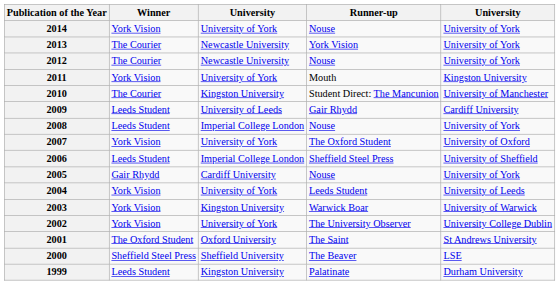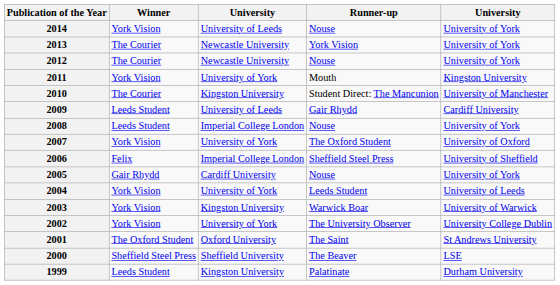 <table class="wikitable" style="font-align: center">
 <tr>
 <th>Publication of the Year</th>
 <th>Winner</th>
 <th>University</th>
 <th>Runner-up</th>
 <th>University</th>
 </tr>
 <tr>
 <th>2014</th>
 <td><a href='#'>York Vision</a></td>
-<td><a href='#'>University of York</a></td>
+<td><a href='#'>University of Leeds</a></td>
 <td><a href='#'>Nouse</a></td>
 <td><a href='#'>University of York</a></td>
 </tr>
 <tr>
 <th>2013</th>
 <td><a href='#'>The Courier</a></td>
 <td><a href='#'>Newcastle University</a></td>
 <td><a href='#'>York Vision</a></td>
 <td><a href='#'>University of York</a></td>
 </tr>
 <tr>
 <th>2012</th>
 <td><a href='#'>The Courier</a></td>
 <td><a href='#'>Newcastle University</a></td>
 <td><a href='#'>Nouse</a></td>
 <td><a href='#'>University of York</a></td>
 </tr>
 <tr>
 <th>2011</th>
 <td><a href='#'>York Vision</a></td>
 <td><a href='#'>University of York</a></td>
 <td>Mouth</td>
 <td><a href='#'>Kingston University</a></td>
 </tr>
 <tr>
 <th>2010</th>
 <td><a href='#'>The Courier</a></td>
 <td><a href='#'>Kingston University</a></td>
 <td>Student Direct: <a href='#'>The Mancunion</a></td>
 <td><a href='#'>University of Manchester</a></td>
 </tr>
 <tr>
 <th>2009</th>
 <td><a href='#'>Leeds Student</a></td>
 <td><a href='#'>University of Leeds</a></td>
 <td><a href='#'>Gair Rhydd</a></td>
 <td><a href='#'>Cardiff University</a></td>
 </tr>
 <tr>
 <th>2008</th>
 <td><a href='#'>Leeds Student</a></td>
 <td><a href='#'>Imperial College London</a></td>
 <td><a href='#'>Nouse</a></td>
 <td><a href='#'>University of York</a></td>
 </tr>
 <tr>
 <th>2007</th>
 <td><a href='#'>York Vision</a></td>
 <td><a href='#'>University of York</a></td>
 <td><a href='#'>The Oxford Student</a></td>
 <td><a href='#'>University of Oxford</a></td>
 </tr>
 <tr>
 <th>2006</th>
-<td><a href='#'>Leeds Student</a></td>
+<td><a href='#'>Felix</a></td>
 <td><a href='#'>Imperial College London</a></td>
 <td><a href='#'>Sheffield Steel Press</a></td>
 <td><a href='#'>University of Sheffield</a></td>
 </tr>
 <tr>
 <th>2005</th>
 <td><a href='#'>Gair Rhydd</a></td>
 <td><a href='#'>Cardiff University</a></td>
 <td><a href='#'>Nouse</a></td>
 <td><a href='#'>University of York</a></td>
 </tr>
 <tr>
 <th>2004</th>
 <td><a href='#'>York Vision</a></td>
 <td><a href='#'>University of York</a></td>
 <td><a href='#'>Leeds Student</a></td>
 <td><a href='#'>University of Leeds</a></td>
 </tr>
 <tr>
 <th>2003</th>
 <td><a href='#'>York Vision</a></td>
 <td><a href='#'>Kingston University</a></td>
 <td><a href='#'>Warwick Boar</a></td>
 <td><a href='#'>University of Warwick</a></td>
 </tr>
 <tr>
 <th>2002</th>
 <td><a href='#'>York Vision</a></td>
 <td><a href='#'>University of York</a></td>
 <td><a href='#'>The University Observer</a></td>
 <td><a href='#'>University College Dublin</a></td>
 </tr>
 <tr>
 <th>2001</th>
 <td><a href='#'>The Oxford Student</a></td>
 <td><a href='#'>Oxford University</a></td>
 <td><a href='#'>The Saint</a></td>
 <td><a href='#'>St Andrews University</a></td>
 </tr>
 <tr>
 <th>2000</th>
 <td><a href='#'>Sheffield Steel Press</a></td>
 <td><a href='#'>Sheffield University</a></td>
 <td><a href='#'>The Beaver</a></td>
 <td><a href='#'>LSE</a></td>
 </tr>
 <tr>
 <th>1999</th>
 <td><a href='#'>Leeds Student</a></td>
 <td><a href='#'>Kingston University</a></td>
 <td><a href='#'>Palatinate</a></td>
 <td><a href='#'>Durham University</a></td>
 </tr>
 </table>
